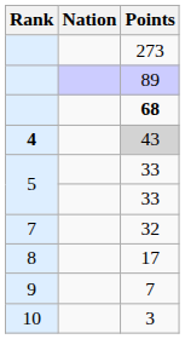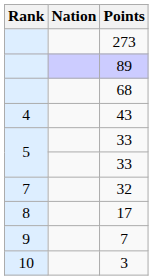 <table class="wikitable sortable" style="text-align:center">
 <tr>
 <th>Rank</th>
 <th>Nation</th>
 <th>Points</th>
 </tr>
 <tr>
 <td bgcolor = DDEEFF></td>
 <td align=left></td>
 <td>273</td>
 </tr>
 <tr style="background-color:#ccccff">
 <td bgcolor = DDEEFF></td>
 <td align=left></td>
 <td>89</td>
 </tr>
 <tr>
 <td bgcolor = DDEEFF></td>
 <td align=left></td>
-<td><strong>68</strong></td>
+<td>68</td>
 </tr>
 <tr>
-<td bgcolor = DDEEFF><strong>4</strong></td>
+<td bgcolor = DDEEFF>4</td>
 <td align=left></td>
-<td style="background: lightgrey;">43</td>
+<td>43</td>
 </tr>
 <tr>
 <td rowspan = "2" bgcolor = DDEEFF>5</td>
 <td align=left></td>
 <td>33</td>
 </tr>
 <tr>
 <td align=left></td>
 <td>33</td>
 </tr>
 <tr>
 <td bgcolor = DDEEFF>7</td>
 <td align=left></td>
 <td>32</td>
 </tr>
 <tr>
 <td bgcolor = DDEEFF>8</td>
 <td align=left></td>
 <td>17</td>
 </tr>
 <tr>
 <td bgcolor = DDEEFF>9</td>
 <td align=left></td>
 <td>7</td>
 </tr>
 <tr>
 <td bgcolor = DDEEFF>10</td>
 <td align=left></td>
 <td>3</td>
 </tr>
 </table>
